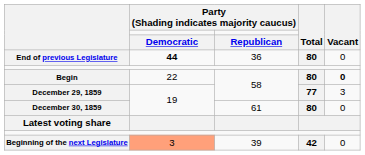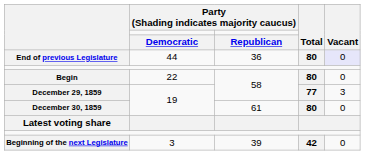 <table class=wikitable style="text-align:center">
 <tr style="vertical-align:bottom;">
 <th rowspan=3></th>
 <th colspan=2>Party <div>(Shading indicates majority caucus)</div></th>
 <th rowspan=3>Total</th>
 <th rowspan=3>Vacant</th>
 </tr>
 <tr style="height:5px">
 <td style="background-color:"></td>
 <td style="background-color:"></td>
 </tr>
 <tr>
 <th><a href='#'>Democratic</a></th>
 <th><a href='#'>Republican</a></th>
 </tr>
 <tr>
 <th style="white-space:nowrap; font-size:80%;">End of <a href='#'>previous Legislature</a></th>
-<td><strong>44</strong></td>
+<td>44</td>
 <td>36</td>
 <th>80</th>
-<td>0</td>
+<td style="background: lavender;">0</td>
 </tr>
 <tr>
 <td colspan=5></td>
 </tr>
 <tr>
 <th style="font-size:80%">Begin</th>
 <td>22</td>
 <td rowspan="2" >58</td>
 <th>80</th>
-<td><strong>0</strong></td>
+<td>0</td>
 </tr>
 <tr>
 <th style="font-size:80%">December 29, 1859</th>
 <td rowspan="2">19</td>
 <th>77</th>
 <td>3</td>
 </tr>
 <tr>
 <th style="font-size:80%">December 30, 1859</th>
 <td>61</td>
 <th>80</th>
 <td>0</td>
 </tr>
 <tr>
 <th>Latest voting share</th>
 <th></th>
 <th></th>
 <th colspan=2></th>
 </tr>
 <tr>
 <td colspan=5></td>
 </tr>
 <tr>
 <th style="white-space:nowrap; font-size:80%;">Beginning of the <a href='#'>next Legislature</a></th>
-<td style="background: lightsalmon;">3</td>
+<td>3</td>
 <td>39</td>
 <th>42</th>
 <td>0</td>
 </tr>
 </table>
